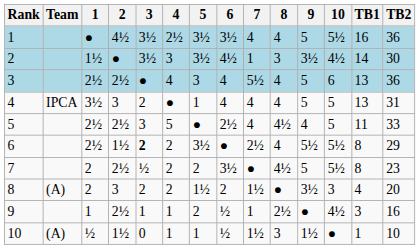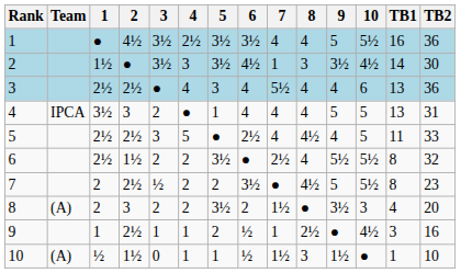 <table class="wikitable">
 <tr>
 <th>Rank</th>
 <th>Team</th>
 <th style="width:1.5em;">1</th>
 <th style="width:1.5em;">2</th>
 <th style="width:1.5em;">3</th>
 <th style="width:1.5em;">4</th>
 <th style="width:1.5em;">5</th>
 <th style="width:1.5em;">6</th>
 <th style="width:1.5em;">7</th>
 <th style="width:1.5em;">8</th>
 <th style="width:1.5em;">9</th>
 <th style="width:1.5em;">10</th>
 <th>TB1</th>
 <th>TB2</th>
 </tr>
 <tr style="background:lightblue">
 <td>1</td>
 <td></td>
 <td>●</td>
 <td>4½</td>
 <td>3½</td>
 <td>2½</td>
 <td>3½</td>
 <td>3½</td>
 <td>4</td>
 <td>4</td>
 <td>5</td>
 <td>5½</td>
 <td>16</td>
 <td>36</td>
 </tr>
 <tr style="background:lightblue">
 <td>2</td>
 <td></td>
 <td>1½</td>
 <td>●</td>
 <td>3½</td>
 <td>3</td>
 <td>3½</td>
 <td>4½</td>
 <td>1</td>
 <td>3</td>
 <td>3½</td>
 <td>4½</td>
 <td>14</td>
 <td>30</td>
 </tr>
 <tr style="background:lightblue">
 <td>3</td>
 <td></td>
 <td>2½</td>
 <td>2½</td>
 <td>●</td>
 <td>4</td>
 <td>3</td>
 <td>4</td>
 <td>5½</td>
 <td>4</td>
-<td>5</td>
+<td>4</td>
 <td>6</td>
 <td>13</td>
 <td>36</td>
 </tr>
 <tr>
 <td>4</td>
 <td>IPCA</td>
 <td>3½</td>
 <td>3</td>
 <td>2</td>
 <td>●</td>
 <td>1</td>
 <td>4</td>
 <td>4</td>
 <td>4</td>
 <td>5</td>
 <td>5</td>
 <td>13</td>
 <td>31</td>
 </tr>
 <tr>
 <td>5</td>
 <td></td>
 <td>2½</td>
 <td>2½</td>
 <td>3</td>
 <td>5</td>
 <td>●</td>
 <td>2½</td>
 <td>4</td>
 <td>4½</td>
 <td>4</td>
 <td>5</td>
 <td>11</td>
 <td>33</td>
 </tr>
 <tr>
 <td>6</td>
 <td></td>
 <td>2½</td>
 <td>1½</td>
-<td><strong>2</strong></td>
+<td>2</td>
 <td>2</td>
 <td>3½</td>
 <td>●</td>
 <td>2½</td>
 <td>4</td>
 <td>5½</td>
 <td>5½</td>
 <td>8</td>
-<td>29</td>
+<td>32</td>
 </tr>
 <tr>
 <td>7</td>
 <td></td>
 <td>2</td>
 <td>2½</td>
 <td>½</td>
 <td>2</td>
 <td>2</td>
 <td>3½</td>
 <td>●</td>
 <td>4½</td>
 <td>5</td>
 <td>5½</td>
 <td>8</td>
 <td>23</td>
 </tr>
 <tr>
 <td>8</td>
 <td> (A)</td>
 <td>2</td>
 <td>3</td>
 <td>2</td>
 <td>2</td>
-<td>1½</td>
+<td>3½</td>
 <td>2</td>
 <td>1½</td>
 <td>●</td>
 <td>3½</td>
 <td>3</td>
 <td>4</td>
 <td>20</td>
 </tr>
 <tr>
 <td>9</td>
 <td></td>
 <td>1</td>
 <td>2½</td>
 <td>1</td>
 <td>1</td>
 <td>2</td>
 <td>½</td>
 <td>1</td>
 <td>2½</td>
 <td>●</td>
 <td>4½</td>
 <td>3</td>
 <td>16</td>
 </tr>
 <tr>
 <td>10</td>
 <td> (A)</td>
 <td>½</td>
 <td>1½</td>
 <td>0</td>
 <td>1</td>
 <td>1</td>
 <td>½</td>
 <td>1½</td>
 <td>3</td>
 <td>1½</td>
 <td>●</td>
 <td>1</td>
 <td>10</td>
 </tr>
 </table>
